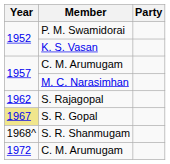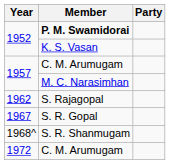 <table class="wikitable sortable">
 <tr>
 <th>Year</th>
 <th>Member</th>
 <th colspan="2">Party</th>
 </tr>
 <tr>
 <td rowspan="2"><a href='#'>1952</a></td>
-<td>P. M. Swamidorai</td>
+<td><strong>P. M. Swamidorai</strong></td>
 <td></td>
 </tr>
 <tr>
 <td><a href='#'>K. S. Vasan</a></td>
 <td></td>
 </tr>
 <tr>
 <td rowspan="2"><a href='#'>1957</a></td>
 <td>C. M. Arumugam</td>
 <td></td>
 </tr>
 <tr>
 <td><a href='#'>M. C. Narasimhan</a></td>
 <td></td>
 </tr>
 <tr>
 <td><a href='#'>1962</a></td>
 <td>S. Rajagopal</td>
 </tr>
 <tr>
-<td style="background: khaki;"><a href='#'>1967</a></td>
+<td><a href='#'>1967</a></td>
 <td>S. R. Gopal</td>
 <td></td>
 </tr>
 <tr>
 <td>1968^</td>
 <td>S. R. Shanmugam</td>
 </tr>
 <tr>
 <td><a href='#'>1972</a></td>
 <td>C. M. Arumugam</td>
 <td></td>
 </tr>
 </table>
